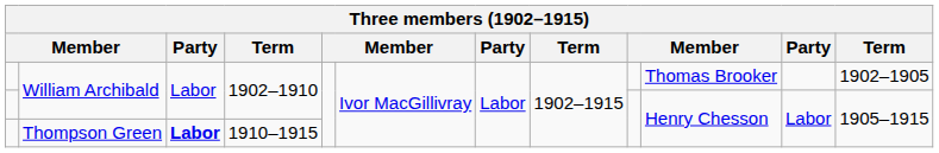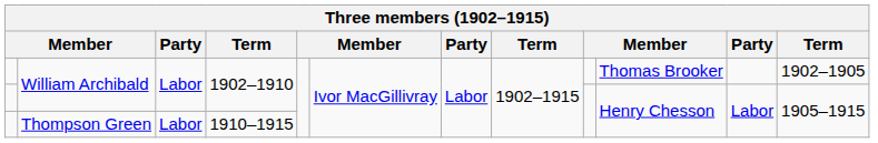 <table class="wikitable">
 <tr>
 <th colspan=12>Three members (1902–1915)</th>
 </tr>
 <tr>
 <th colspan="2">Member</th>
 <th>Party</th>
 <th>Term</th>
 <th colspan="2">Member</th>
 <th>Party</th>
 <th>Term</th>
 <th colspan="2">Member</th>
 <th>Party</th>
 <th>Term</th>
 </tr>
 <tr>
 <td> </td>
 <td rowspan=2><a href='#'>William Archibald</a></td>
 <td rowspan=2><a href='#'>Labor</a></td>
 <td rowspan=2>1902–1910</td>
 <td rowspan=3 > </td>
 <td rowspan=3><a href='#'>Ivor MacGillivray</a></td>
 <td rowspan=3><a href='#'>Labor</a></td>
 <td rowspan=3>1902–1915</td>
 <td> </td>
 <td><a href='#'>Thomas Brooker</a></td>
 <td></td>
 <td>1902–1905</td>
 </tr>
 <tr>
 <td> </td>
 <td rowspan=2 > </td>
 <td rowspan=2><a href='#'>Henry Chesson</a></td>
 <td rowspan=2><a href='#'>Labor</a></td>
 <td rowspan=2>1905–1915</td>
 </tr>
 <tr>
 <td> </td>
 <td><a href='#'>Thompson Green</a></td>
-<td><strong><a href='#'>Labor</a></strong></td>
+<td><a href='#'>Labor</a></td>
 <td>1910–1915</td>
 </tr>
 </table>
